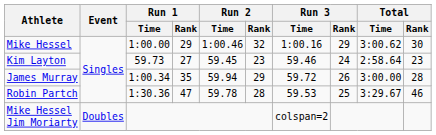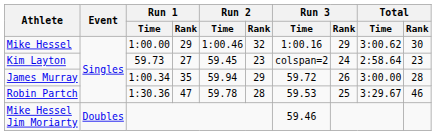 <table class=wikitable style="font-size:90%; text-align:center">
 <tr>
 <th rowspan=2>Athlete</th>
 <th rowspan=2>Event</th>
 <th colspan=2>Run 1</th>
 <th colspan=2>Run 2</th>
 <th colspan=2>Run 3</th>
 <th colspan=2>Total</th>
 </tr>
 <tr style=font-size:95%>
 <th>Time</th>
 <th>Rank</th>
 <th>Time</th>
 <th>Rank</th>
 <th>Time</th>
 <th>Rank</th>
 <th>Time</th>
 <th>Rank</th>
 </tr>
 <tr>
 <td align=left><a href='#'>Mike Hessel</a></td>
 <td align=left rowspan=4><a href='#'>Singles</a></td>
 <td>1:00.00</td>
 <td>29</td>
 <td>1:00.46</td>
 <td>32</td>
 <td>1:00.16</td>
 <td>29</td>
 <td>3:00.62</td>
 <td>30</td>
 </tr>
 <tr>
 <td align=left><a href='#'>Kim Layton</a></td>
 <td>59.73</td>
 <td>27</td>
 <td>59.45</td>
 <td>23</td>
-<td>59.46</td>
+<td>colspan=2 </td>
 <td>24</td>
 <td>2:58.64</td>
 <td>23</td>
 </tr>
 <tr>
 <td align=left><a href='#'>James Murray</a></td>
 <td>1:00.34</td>
 <td>35</td>
 <td>59.94</td>
 <td>29</td>
 <td>59.72</td>
 <td>26</td>
 <td>3:00.00</td>
 <td>28</td>
 </tr>
 <tr>
 <td align=left><a href='#'>Robin Partch</a></td>
 <td>1:30.36</td>
 <td>47</td>
 <td>59.78</td>
 <td>28</td>
 <td>59.53</td>
 <td>25</td>
 <td>3:29.67</td>
 <td>46</td>
 </tr>
 <tr>
 <td align=left><a href='#'>Mike Hessel</a><br><a href='#'>Jim Moriarty</a></td>
 <td align=left><a href='#'>Doubles</a></td>
 <td colspan=4></td>
-<td>colspan=2 </td>
+<td>59.46</td>
 <td colspan=2></td>
 </tr>
 </table>
